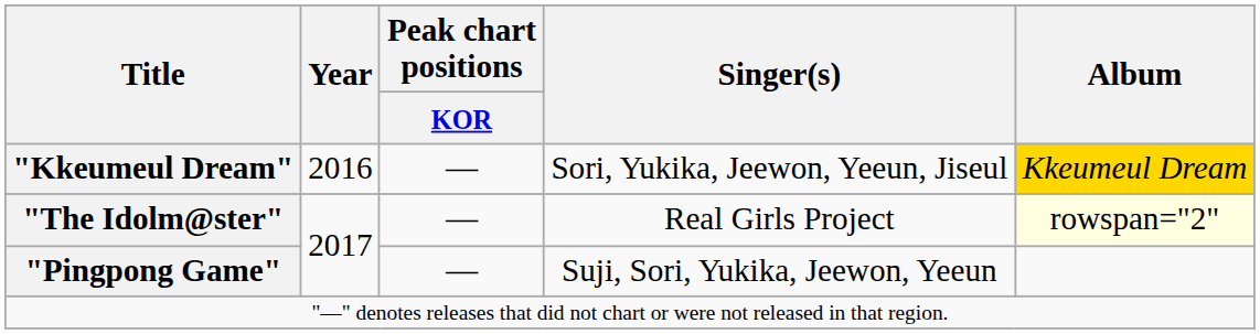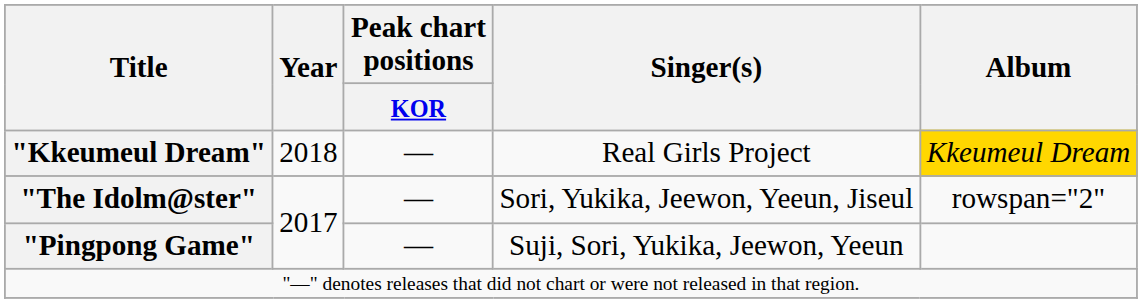 <table class="wikitable plainrowheaders" style="text-align:center;">
 <tr>
 <th scope="col" rowspan="2">Title</th>
 <th scope="col" rowspan="2">Year</th>
 <th scope="col" colspan="1">Peak chart <br> positions</th>
 <th scope="col" rowspan="2">Singer(s)</th>
 <th scope="col" rowspan="2">Album</th>
 </tr>
 <tr>
 <th><small><a href='#'>KOR</a></small><br></th>
 </tr>
 <tr>
 <th scope="row">"Kkeumeul Dream" </th>
-<td>2016</td>
+<td>2018</td>
 <td>—</td>
-<td>Sori, Yukika, Jeewon, Yeeun, Jiseul</td>
+<td>Real Girls Project</td>
 <td style="background: gold;"><em>Kkeumeul Dream</em></td>
 </tr>
 <tr>
 <th scope="row">"The Idolm@ster"</th>
 <td rowspan="2">2017</td>
 <td>—</td>
-<td>Real Girls Project</td>
-<td style="background: lightyellow;">rowspan="2" </td>
+<td>Sori, Yukika, Jeewon, Yeeun, Jiseul</td>
+<td>rowspan="2" </td>
 </tr>
 <tr>
 <th scope="row">"Pingpong Game"</th>
 <td>—</td>
 <td>Suji, Sori, Yukika, Jeewon, Yeeun</td>
 </tr>
 <tr>
 <td colspan="8" style="font-size:8pt;">"—" denotes releases that did not chart or were not released in that region.</td>
 </tr>
 </table>
